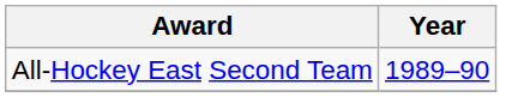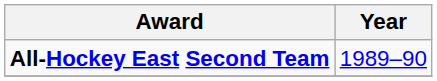 <table class="wikitable">
 <tr>
 <th>Award</th>
 <th>Year</th>
 </tr>
 <tr>
-<td>All-<a href='#'>Hockey East</a> <a href='#'>Second Team</a></td>
+<td><strong>All-<a href='#'>Hockey East</a> <a href='#'>Second Team</a></strong></td>
 <td><a href='#'>1989–90</a></td>
 </tr>
 <tr>
 </tr>
 </table>
